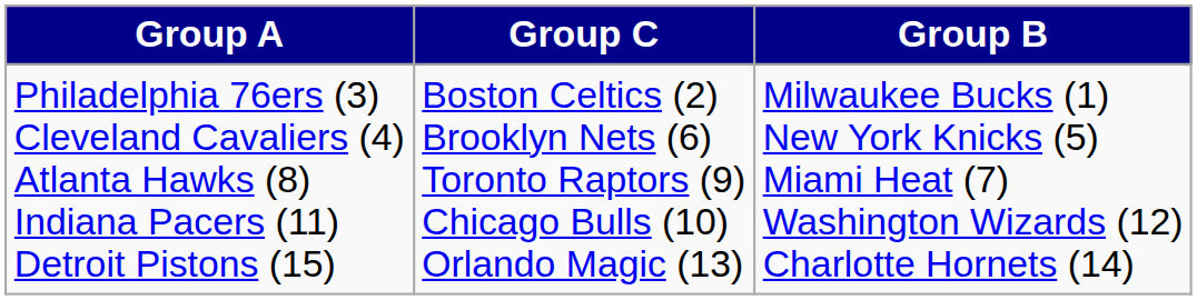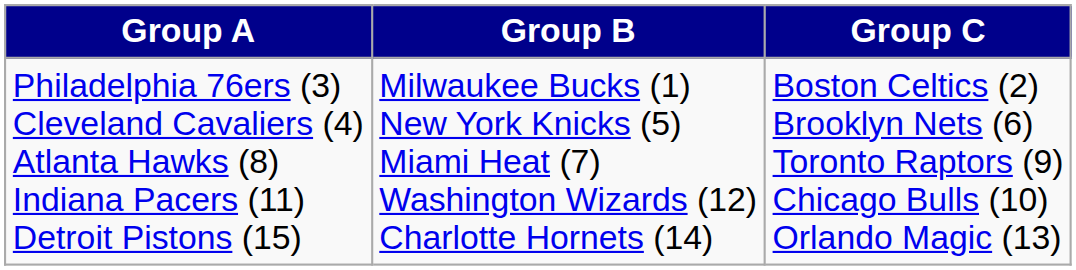 <table class="wikitable">
 <tr>
 <th style="background:darkblue; color:white;" scope="col">Group A</th>
+<th style="background:darkblue; color:white;" scope="col">Group B</th>
 <th style="background:darkblue; color:white;" scope="col">Group C</th>
-<th style="background:darkblue; color:white;" scope="col">Group B</th>
 </tr>
 <tr>
 <td><a href='#'>Philadelphia 76ers</a> (3)<br><a href='#'>Cleveland Cavaliers</a> (4)<br><a href='#'>Atlanta Hawks</a> (8)<br><a href='#'>Indiana Pacers</a> (11)<br><a href='#'>Detroit Pistons</a> (15)</td>
+<td><a href='#'>Milwaukee Bucks</a> (1)<br><a href='#'>New York Knicks</a> (5)<br><a href='#'>Miami Heat</a> (7)<br><a href='#'>Washington Wizards</a> (12)<br><a href='#'>Charlotte Hornets</a> (14)</td>
 <td><a href='#'>Boston Celtics</a> (2)<br><a href='#'>Brooklyn Nets</a> (6)<br><a href='#'>Toronto Raptors</a> (9)<br><a href='#'>Chicago Bulls</a> (10)<br><a href='#'>Orlando Magic</a> (13)</td>
-<td><a href='#'>Milwaukee Bucks</a> (1)<br><a href='#'>New York Knicks</a> (5)<br><a href='#'>Miami Heat</a> (7)<br><a href='#'>Washington Wizards</a> (12)<br><a href='#'>Charlotte Hornets</a> (14)</td>
 </tr>
 </table>
